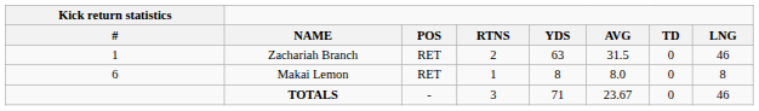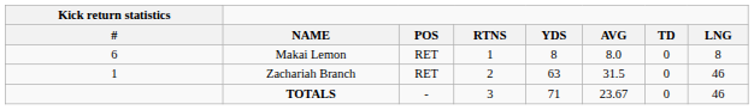 <table style="width:60%; text-align:center;" class="wikitable collapsible collapsed">
 <tr>
 <th style="text-align:center; ">Kick return statistics</th>
 </tr>
 <tr>
 <th>#</th>
 <th>NAME</th>
 <th>POS</th>
 <th>RTNS</th>
 <th>YDS</th>
 <th>AVG</th>
 <th>TD</th>
 <th>LNG</th>
 </tr>
 <tr>
+<td>6</td>
+<td>Makai Lemon</td>
+<td>RET</td>
+<td>1</td>
+<td>8</td>
+<td>8.0</td>
+<td>0</td>
+<td>8</td>
+</tr>
+<tr>
 <td>1</td>
 <td>Zachariah Branch</td>
 <td>RET</td>
 <td>2</td>
 <td>63</td>
 <td>31.5</td>
 <td>0</td>
 <td>46</td>
-</tr>
-<tr>
-<td>6</td>
-<td>Makai Lemon</td>
-<td>RET</td>
-<td>1</td>
-<td>8</td>
-<td>8.0</td>
-<td>0</td>
-<td>8</td>
 </tr>
 <tr>
 <td></td>
 <td><strong>TOTALS</strong></td>
 <td>-</td>
 <td>3</td>
 <td>71</td>
 <td>23.67</td>
 <td>0</td>
 <td>46</td>
 </tr>
 </table>
